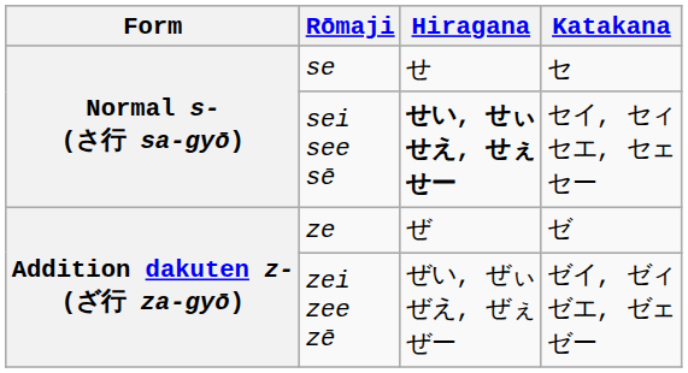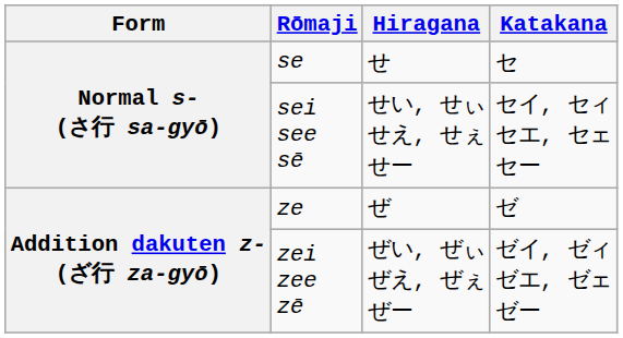 <table class="wikitable">
 <tr>
 <th>Form</th>
 <th><a href='#'>Rōmaji</a></th>
 <th><a href='#'>Hiragana</a></th>
 <th><a href='#'>Katakana</a></th>
 </tr>
 <tr>
 <th rowspan="2">Normal <em>s-</em><br>(さ行 <em>sa-gyō</em>)</th>
 <td><em>se</em></td>
 <td>せ</td>
 <td>セ</td>
 </tr>
 <tr>
 <td><em>sei</em><br><em>see</em><br><em>sē</em></td>
-<td><strong>せい, せぃ<br>せえ, せぇ<br>せー</strong></td>
+<td>せい, せぃ<br>せえ, せぇ<br>せー</td>
 <td>セイ, セィ<br>セエ, セェ<br>セー</td>
 </tr>
 <tr>
 <th rowspan="2">Addition <a href='#'>dakuten</a> <em>z-</em><br>(ざ行 <em>za-gyō</em>)</th>
 <td><em>ze</em></td>
 <td>ぜ</td>
 <td>ゼ</td>
 </tr>
 <tr>
 <td><em>zei</em><br><em>zee</em><br><em>zē</em></td>
 <td>ぜい, ぜぃ<br>ぜえ, ぜぇ<br>ぜー</td>
 <td>ゼイ, ゼィ<br>ゼエ, ゼェ<br>ゼー</td>
 </tr>
 </table>
